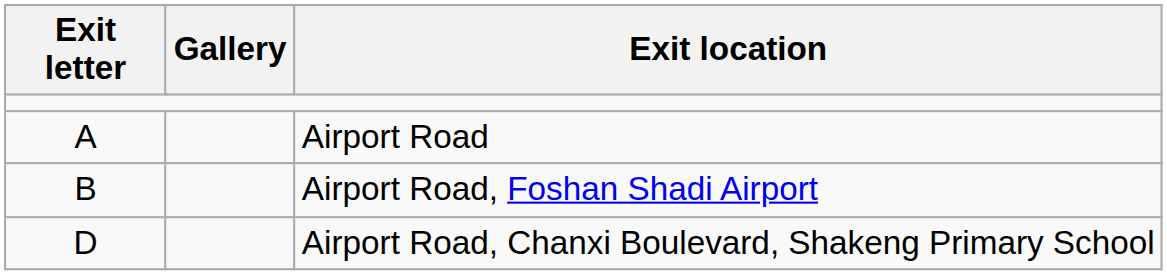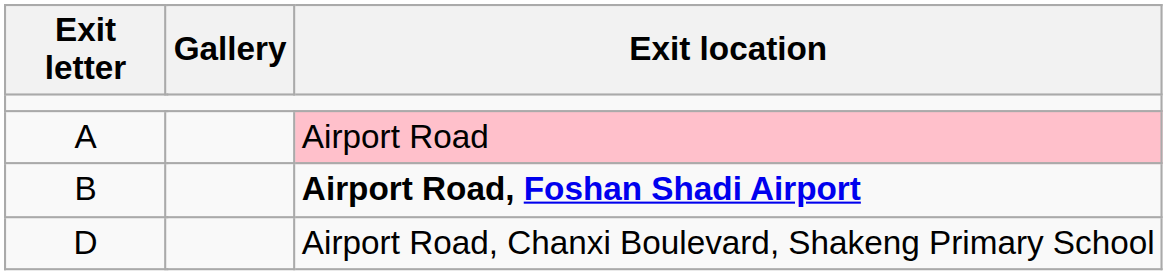 <table class="wikitable">
 <tr>
 <th style="width:70px" colspan=2>Exit letter</th>
 <th>Gallery</th>
 <th>Exit location</th>
 </tr>
 <tr style="background:#">
 <td colspan="4"></td>
 </tr>
 <tr>
 <td align=center colspan=2>A</td>
 <td></td>
-<td>Airport Road</td>
+<td style="background: pink;">Airport Road</td>
 </tr>
 <tr>
 <td align=center colspan=2>B</td>
 <td></td>
-<td>Airport Road,  <a href='#'>Foshan Shadi Airport</a></td>
+<td><strong>Airport Road,  <a href='#'>Foshan Shadi Airport</a></strong></td>
 </tr>
 <tr>
 <td align=center colspan=2>D</td>
 <td></td>
 <td>Airport Road, Chanxi Boulevard, Shakeng Primary School</td>
 </tr>
 </table>
